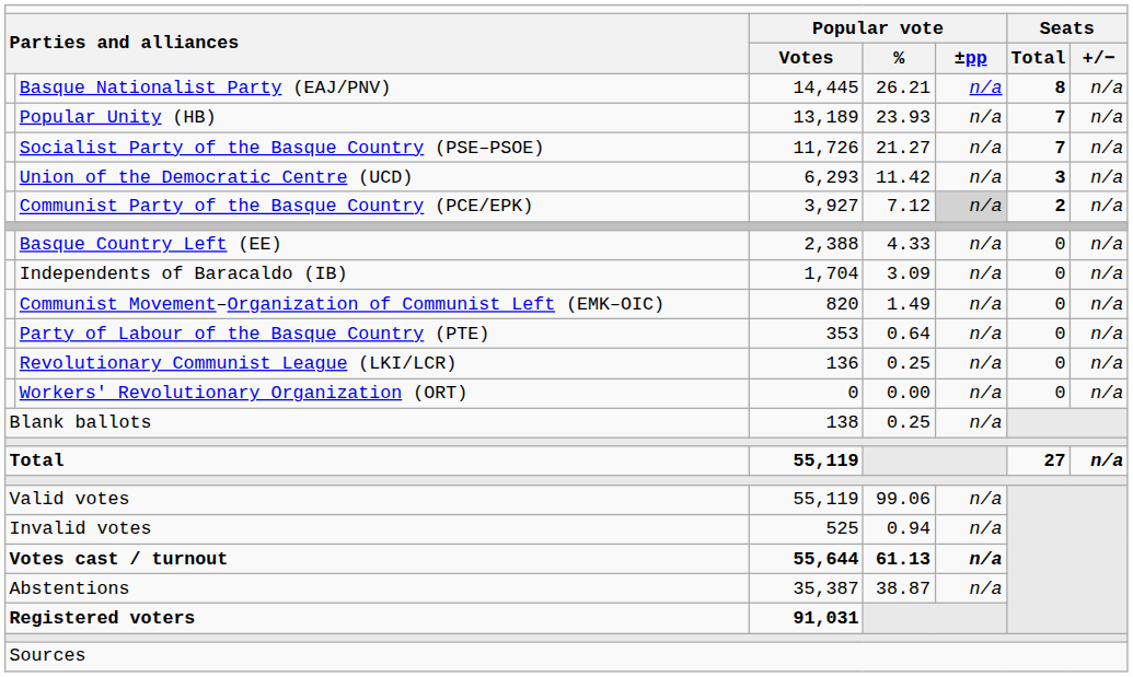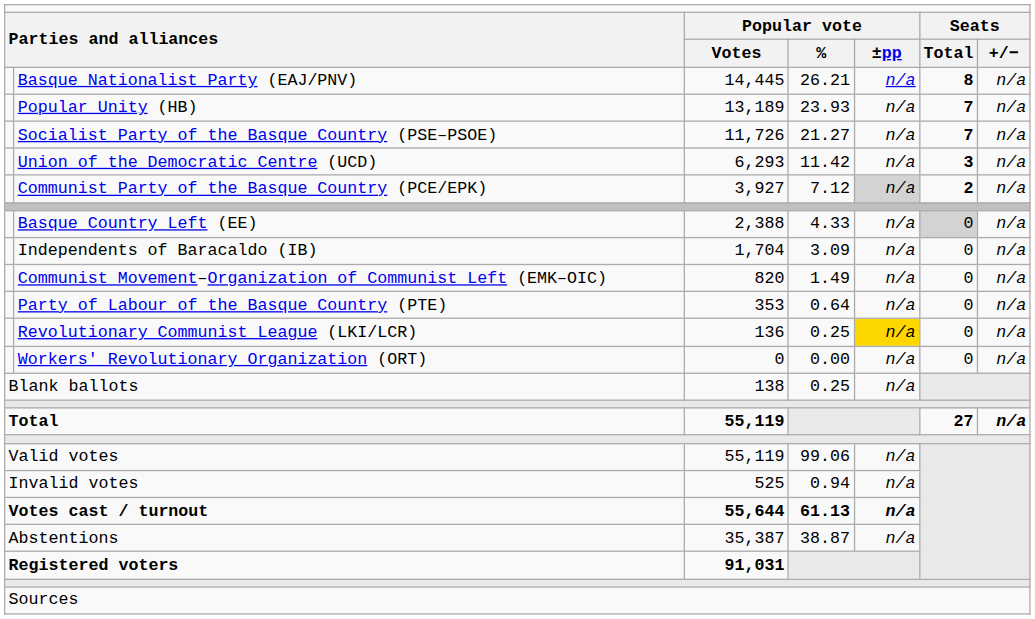 <table class="wikitable" style="text-align:right;">
 <tr>
 <td colspan="7"></td>
 </tr>
 <tr>
 <th style="text-align:left;" rowspan="2" colspan="2" width="525">Parties and alliances</th>
 <th colspan="3">Popular vote</th>
 <th colspan="2">Seats</th>
 </tr>
 <tr>
 <th width="75">Votes</th>
 <th width="45">%</th>
 <th width="45">±<a href='#'>pp</a></th>
 <th width="35">Total</th>
 <th width="35">+/−</th>
 </tr>
 <tr>
 <td width="1" style="color:inherit;background:"></td>
 <td align="left"><a href='#'>Basque Nationalist Party</a> (EAJ/PNV)</td>
 <td>14,445</td>
 <td>26.21</td>
 <td><em><a href='#'>n/a</a></em></td>
 <td><strong>8</strong></td>
 <td><em>n/a</em></td>
 </tr>
 <tr>
 <td style="color:inherit;background:"></td>
 <td align="left"><a href='#'>Popular Unity</a> (HB)</td>
 <td>13,189</td>
 <td>23.93</td>
 <td><em>n/a</em></td>
 <td><strong>7</strong></td>
 <td><em>n/a</em></td>
 </tr>
 <tr>
 <td style="color:inherit;background:"></td>
 <td align="left"><a href='#'>Socialist Party of the Basque Country</a> (PSE–PSOE)</td>
 <td>11,726</td>
 <td>21.27</td>
 <td><em>n/a</em></td>
 <td><strong>7</strong></td>
 <td><em>n/a</em></td>
 </tr>
 <tr>
 <td style="color:inherit;background:"></td>
 <td align="left"><a href='#'>Union of the Democratic Centre</a> (UCD)</td>
 <td>6,293</td>
 <td>11.42</td>
 <td><em>n/a</em></td>
 <td><strong>3</strong></td>
 <td><em>n/a</em></td>
 </tr>
 <tr>
 <td style="color:inherit;background:"></td>
 <td align="left"><a href='#'>Communist Party of the Basque Country</a> (PCE/EPK)</td>
 <td>3,927</td>
 <td>7.12</td>
 <td style="background: lightgrey;"><em>n/a</em></td>
 <td><strong>2</strong></td>
 <td><em>n/a</em></td>
 </tr>
 <tr>
 <td colspan="7" bgcolor="#C0C0C0"></td>
 </tr>
 <tr>
 <td style="color:inherit;background:"></td>
 <td align="left"><a href='#'>Basque Country Left</a> (EE)</td>
 <td>2,388</td>
 <td>4.33</td>
 <td><em>n/a</em></td>
-<td>0</td>
+<td style="background: lightgrey;">0</td>
 <td><em>n/a</em></td>
 </tr>
 <tr>
 <td style="color:inherit;background:"></td>
 <td align="left">Independents of Baracaldo (IB)</td>
 <td>1,704</td>
 <td>3.09</td>
 <td><em>n/a</em></td>
 <td>0</td>
 <td><em>n/a</em></td>
 </tr>
 <tr>
 <td style="color:inherit;background:"></td>
 <td align="left"><a href='#'>Communist Movement</a>–<a href='#'>Organization of Communist Left</a> (EMK–OIC)</td>
 <td>820</td>
 <td>1.49</td>
 <td><em>n/a</em></td>
 <td>0</td>
 <td><em>n/a</em></td>
 </tr>
 <tr>
 <td style="color:inherit;background:"></td>
 <td align="left"><a href='#'>Party of Labour of the Basque Country</a> (PTE)</td>
 <td>353</td>
 <td>0.64</td>
 <td><em>n/a</em></td>
 <td>0</td>
 <td><em>n/a</em></td>
 </tr>
 <tr>
 <td style="color:inherit;background:"></td>
 <td align="left"><a href='#'>Revolutionary Communist League</a> (LKI/LCR)</td>
 <td>136</td>
 <td>0.25</td>
-<td><em>n/a</em></td>
+<td style="background: gold;"><em>n/a</em></td>
 <td>0</td>
 <td><em>n/a</em></td>
 </tr>
 <tr>
 <td style="color:inherit;background:"></td>
 <td align="left"><a href='#'>Workers' Revolutionary Organization</a> (ORT)</td>
 <td>0</td>
 <td>0.00</td>
 <td><em>n/a</em></td>
 <td>0</td>
 <td><em>n/a</em></td>
 </tr>
 <tr>
 <td align="left" colspan="2">Blank ballots</td>
 <td>138</td>
 <td>0.25</td>
 <td><em>n/a</em></td>
 <td bgcolor="#E9E9E9" colspan="2"></td>
 </tr>
 <tr>
 <td colspan="7" bgcolor="#E9E9E9"></td>
 </tr>
 <tr style="font-weight:bold;">
 <td align="left" colspan="2">Total</td>
 <td>55,119</td>
 <td bgcolor="#E9E9E9" colspan="2"></td>
 <td>27</td>
 <td><em>n/a</em></td>
 </tr>
 <tr>
 <td colspan="7" bgcolor="#E9E9E9"></td>
 </tr>
 <tr>
 <td align="left" colspan="2">Valid votes</td>
 <td>55,119</td>
 <td>99.06</td>
 <td><em>n/a</em></td>
 <td bgcolor="#E9E9E9" colspan="2" rowspan="5"></td>
 </tr>
 <tr>
 <td align="left" colspan="2">Invalid votes</td>
 <td>525</td>
 <td>0.94</td>
 <td><em>n/a</em></td>
 </tr>
 <tr style="font-weight:bold;">
 <td align="left" colspan="2">Votes cast / turnout</td>
 <td>55,644</td>
 <td>61.13</td>
 <td><em>n/a</em></td>
 </tr>
 <tr>
 <td align="left" colspan="2">Abstentions</td>
 <td>35,387</td>
 <td>38.87</td>
 <td><em>n/a</em></td>
 </tr>
 <tr style="font-weight:bold;">
 <td align="left" colspan="2">Registered voters</td>
 <td>91,031</td>
 <td bgcolor="#E9E9E9" colspan="2"></td>
 </tr>
 <tr>
 <td colspan="7" bgcolor="#E9E9E9"></td>
 </tr>
 <tr>
 <td align="left" colspan="7">Sources</td>
 </tr>
 </table>
